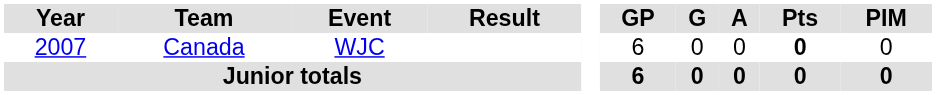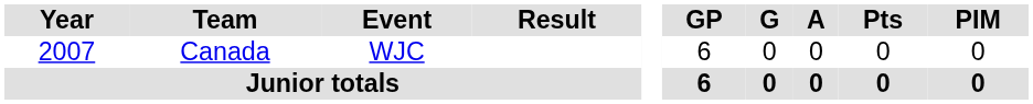 <table border="0" cellpadding="1" cellspacing="0" style="text-align:center; width:40em">
 <tr ALIGN="center" bgcolor="#e0e0e0">
 <th>Year</th>
 <th>Team</th>
 <th>Event</th>
 <th>Result</th>
 <th rowspan="99" bgcolor="#ffffff"> </th>
 <th>GP</th>
 <th>G</th>
 <th>A</th>
 <th>Pts</th>
 <th>PIM</th>
 </tr>
 <tr>
 <td><a href='#'>2007</a></td>
 <td><a href='#'>Canada</a></td>
 <td><a href='#'>WJC</a></td>
 <td></td>
 <td>6</td>
 <td>0</td>
 <td>0</td>
-<td><strong>0</strong></td>
+<td>0</td>
 <td>0</td>
 </tr>
 <tr bgcolor="#e0e0e0">
 <th colspan=4>Junior totals</th>
 <th>6</th>
 <th>0</th>
 <th>0</th>
 <th>0</th>
 <th>0</th>
 </tr>
 </table>
